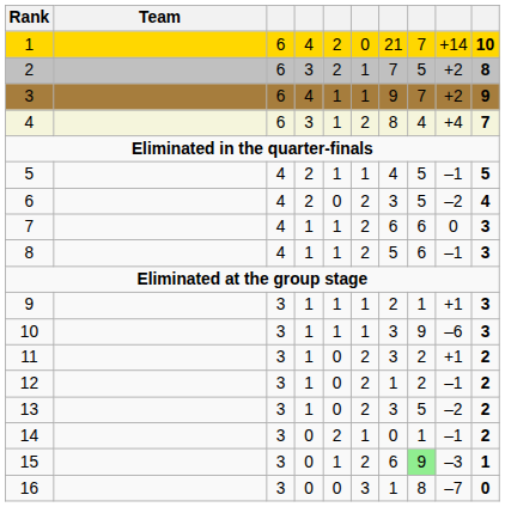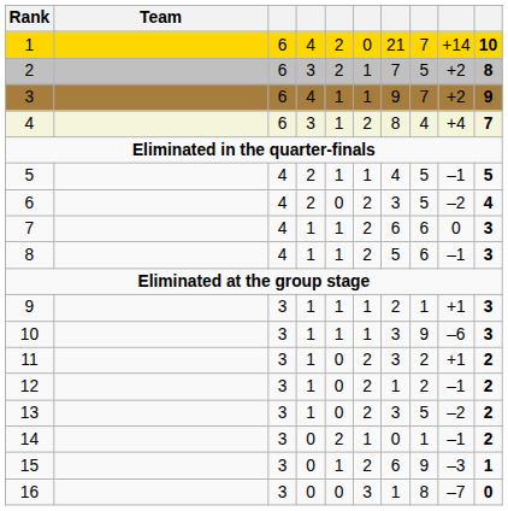 <table class="wikitable" style="text-align:center">
 <tr>
 <th width=20>Rank</th>
 <th width=200>Team</th>
 <th width="20"></th>
 <th width="20"></th>
 <th width="20"></th>
 <th width="20"></th>
 <th width="20"></th>
 <th width="20"></th>
 <th width="20"></th>
 <th width="20"></th>
 </tr>
 <tr style="background:gold;">
 <td>1</td>
 <td style="text-align:left;"></td>
 <td>6</td>
 <td>4</td>
 <td>2</td>
 <td>0</td>
 <td>21</td>
 <td>7</td>
 <td>+14</td>
 <td><strong>10</strong></td>
 </tr>
 <tr style="background:silver;">
 <td>2</td>
 <td style="text-align:left;"></td>
 <td>6</td>
 <td>3</td>
 <td>2</td>
 <td>1</td>
 <td>7</td>
 <td>5</td>
 <td>+2</td>
 <td><strong>8</strong></td>
 </tr>
 <tr style="background:#a67d3d;">
 <td>3</td>
 <td style="text-align:left;"></td>
 <td>6</td>
 <td>4</td>
 <td>1</td>
 <td>1</td>
 <td>9</td>
 <td>7</td>
 <td>+2</td>
 <td><strong>9</strong></td>
 </tr>
 <tr style="background:beige;">
 <td>4</td>
 <td style="text-align:left;"></td>
 <td>6</td>
 <td>3</td>
 <td>1</td>
 <td>2</td>
 <td>8</td>
 <td>4</td>
 <td>+4</td>
 <td><strong>7</strong></td>
 </tr>
 <tr>
 <td colspan="11"><strong>Eliminated in the quarter-finals</strong></td>
 </tr>
 <tr>
 <td>5</td>
 <td style="text-align:left;"></td>
 <td>4</td>
 <td>2</td>
 <td>1</td>
 <td>1</td>
 <td>4</td>
 <td>5</td>
 <td>–1</td>
 <td><strong>5</strong></td>
 </tr>
 <tr>
 <td>6</td>
 <td style="text-align:left;"></td>
 <td>4</td>
 <td>2</td>
 <td>0</td>
 <td>2</td>
 <td>3</td>
 <td>5</td>
 <td>–2</td>
 <td><strong>4</strong></td>
 </tr>
 <tr>
 <td>7</td>
 <td style="text-align:left;"></td>
 <td>4</td>
 <td>1</td>
 <td>1</td>
 <td>2</td>
 <td>6</td>
 <td>6</td>
 <td>0</td>
 <td><strong>3</strong></td>
 </tr>
 <tr>
 <td>8</td>
 <td style="text-align:left;"></td>
 <td>4</td>
 <td>1</td>
 <td>1</td>
 <td>2</td>
 <td>5</td>
 <td>6</td>
 <td>–1</td>
 <td><strong>3</strong></td>
 </tr>
 <tr>
 <td colspan="11"><strong>Eliminated at the group stage</strong></td>
 </tr>
 <tr>
 <td>9</td>
 <td style="text-align:left;"></td>
 <td>3</td>
 <td>1</td>
 <td>1</td>
 <td>1</td>
 <td>2</td>
 <td>1</td>
 <td>+1</td>
 <td><strong>3</strong></td>
 </tr>
 <tr>
 <td>10</td>
 <td style="text-align:left;"></td>
 <td>3</td>
 <td>1</td>
 <td>1</td>
 <td>1</td>
 <td>3</td>
 <td>9</td>
 <td>–6</td>
 <td><strong>3</strong></td>
 </tr>
 <tr>
 <td>11</td>
 <td style="text-align:left;"></td>
 <td>3</td>
 <td>1</td>
 <td>0</td>
 <td>2</td>
 <td>3</td>
 <td>2</td>
 <td>+1</td>
 <td><strong>2</strong></td>
 </tr>
 <tr>
 <td>12</td>
 <td style="text-align:left;"></td>
 <td>3</td>
 <td>1</td>
 <td>0</td>
 <td>2</td>
 <td>1</td>
 <td>2</td>
 <td>–1</td>
 <td><strong>2</strong></td>
 </tr>
 <tr>
 <td>13</td>
 <td style="text-align:left;"></td>
 <td>3</td>
 <td>1</td>
 <td>0</td>
 <td>2</td>
 <td>3</td>
 <td>5</td>
 <td>–2</td>
 <td><strong>2</strong></td>
 </tr>
 <tr>
 <td>14</td>
 <td style="text-align:left;"></td>
 <td>3</td>
 <td>0</td>
 <td>2</td>
 <td>1</td>
 <td>0</td>
 <td>1</td>
 <td>–1</td>
 <td><strong>2</strong></td>
 </tr>
 <tr>
 <td>15</td>
 <td style="text-align:left;"></td>
 <td>3</td>
 <td>0</td>
 <td>1</td>
 <td>2</td>
 <td>6</td>
-<td style="background: lightgreen;">9</td>
+<td>9</td>
 <td>–3</td>
 <td><strong>1</strong></td>
 </tr>
 <tr>
 <td>16</td>
 <td style="text-align:left;"></td>
 <td>3</td>
 <td>0</td>
 <td>0</td>
 <td>3</td>
 <td>1</td>
 <td>8</td>
 <td>–7</td>
 <td><strong>0</strong></td>
 </tr>
 </table>
